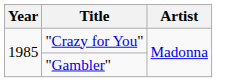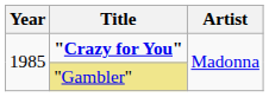 <table class="wikitable">
 <tr>
 <th>Year</th>
 <th>Title</th>
 <th>Artist</th>
 </tr>
 <tr>
 <td rowspan=2>1985</td>
-<td>"<a href='#'>Crazy for You</a>"</td>
+<td><strong>"<a href='#'>Crazy for You</a>"</strong></td>
 <td rowspan=2><a href='#'>Madonna</a></td>
 </tr>
 <tr>
-<td>"<a href='#'>Gambler</a>"</td>
+<td style="background: khaki;">"<a href='#'>Gambler</a>"</td>
 </tr>
 </table>
